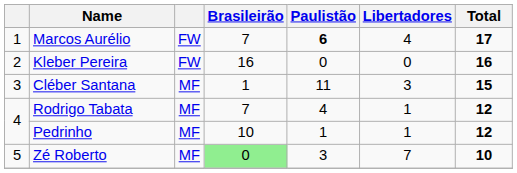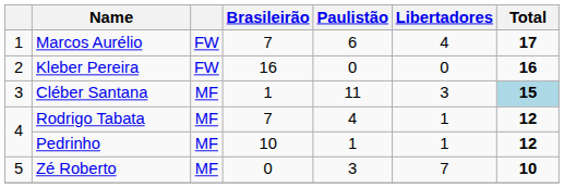 <table class="wikitable" style="text-align:center;">
 <tr>
 <th style="width:20px;"></th>
 <th style="width:150px;">Name</th>
 <th style="width:25px;"></th>
 <th style="width:55px;"><a href='#'>Brasileirão</a></th>
 <th style="width:55px;"><a href='#'>Paulistão</a></th>
 <th style="width:55px;"><a href='#'>Libertadores</a></th>
 <th style="width:55px;">Total</th>
 </tr>
 <tr>
 <td rowspan=>1</td>
 <td align=left> <a href='#'>Marcos Aurélio</a></td>
 <td><a href='#'>FW</a></td>
 <td>7</td>
-<td><strong>6</strong></td>
+<td>6</td>
 <td>4</td>
 <td><strong>17</strong></td>
 </tr>
 <tr>
 <td rowspan=>2</td>
 <td align=left> <a href='#'>Kleber Pereira</a></td>
 <td><a href='#'>FW</a></td>
 <td>16</td>
 <td>0</td>
 <td>0</td>
 <td><strong>16</strong></td>
 </tr>
 <tr>
 <td rowspan=>3</td>
 <td align=left> <a href='#'>Cléber Santana</a></td>
 <td><a href='#'>MF</a></td>
 <td>1</td>
 <td>11</td>
 <td>3</td>
-<td><strong>15</strong></td>
+<td style="background: lightblue;"><strong>15</strong></td>
 </tr>
 <tr>
 <td rowspan=2>4</td>
 <td align=left> <a href='#'>Rodrigo Tabata</a></td>
 <td><a href='#'>MF</a></td>
 <td>7</td>
 <td>4</td>
 <td>1</td>
 <td><strong>12</strong></td>
 </tr>
 <tr>
 <td align=left> <a href='#'>Pedrinho</a></td>
 <td><a href='#'>MF</a></td>
 <td>10</td>
 <td>1</td>
 <td>1</td>
 <td><strong>12</strong></td>
 </tr>
 <tr>
 <td rowspan=>5</td>
 <td align=left> <a href='#'>Zé Roberto</a></td>
 <td><a href='#'>MF</a></td>
-<td style="background: lightgreen;">0</td>
+<td>0</td>
 <td>3</td>
 <td>7</td>
 <td><strong>10</strong></td>
 </tr>
 <tr>
 </tr>
 </table>
